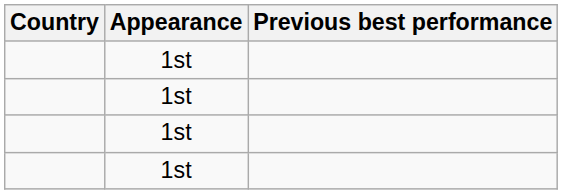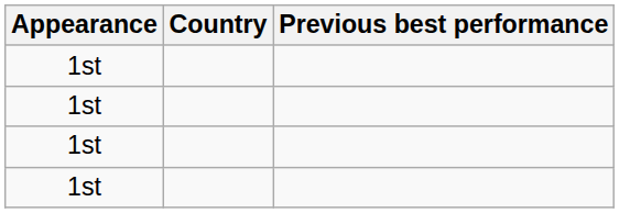 <table class="wikitable sortable" style="text-align:left;">
 <tr>
+<th>Appearance</th>
 <th>Country</th>
-<th>Appearance</th>
 <th>Previous best performance</th>
 </tr>
 <tr>
+<td align="center">1st</td>
 <td></td>
-<td align="center">1st</td>
 <td></td>
 </tr>
 <tr>
+<td align="center">1st</td>
 <td></td>
-<td align="center">1st</td>
 <td></td>
 </tr>
 <tr>
+<td align="center">1st</td>
 <td></td>
-<td align="center">1st</td>
 <td></td>
 </tr>
 <tr>
+<td align="center">1st</td>
 <td></td>
-<td align="center">1st</td>
 <td></td>
 </tr>
 </table>
